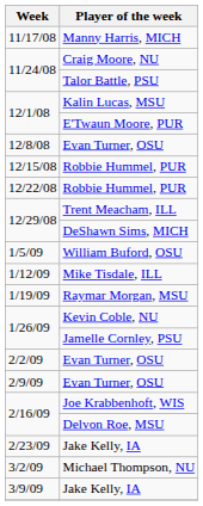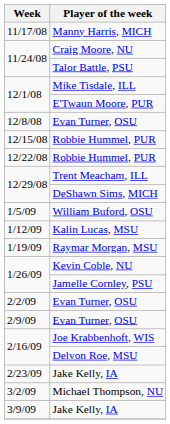 <table class="wikitable" border="1">
 <tr>
 <th>Week</th>
 <th>Player of the week</th>
 </tr>
 <tr>
 <td>11/17/08</td>
 <td><a href='#'>Manny Harris</a>, <a href='#'>MICH</a></td>
 </tr>
 <tr>
 <td rowspan=2 valign=middle>11/24/08</td>
 <td><a href='#'>Craig Moore</a>, <a href='#'>NU</a></td>
 </tr>
 <tr>
 <td><a href='#'>Talor Battle</a>, <a href='#'>PSU</a></td>
 </tr>
 <tr>
 <td rowspan=2 valign=middle>12/1/08</td>
-<td><a href='#'>Kalin Lucas</a>, <a href='#'>MSU</a></td>
+<td><a href='#'>Mike Tisdale</a>, <a href='#'>ILL</a></td>
 </tr>
 <tr>
 <td><a href='#'>E'Twaun Moore</a>, <a href='#'>PUR</a></td>
 </tr>
 <tr>
 <td>12/8/08</td>
 <td><a href='#'>Evan Turner</a>, <a href='#'>OSU</a></td>
 </tr>
 <tr>
 <td>12/15/08</td>
 <td><a href='#'>Robbie Hummel</a>, <a href='#'>PUR</a></td>
 </tr>
 <tr>
 <td>12/22/08</td>
 <td><a href='#'>Robbie Hummel</a>, <a href='#'>PUR</a></td>
 </tr>
 <tr>
 <td rowspan=2 valign=middle>12/29/08</td>
 <td><a href='#'>Trent Meacham</a>, <a href='#'>ILL</a></td>
 </tr>
 <tr>
 <td><a href='#'>DeShawn Sims</a>, <a href='#'>MICH</a></td>
 </tr>
 <tr>
 <td>1/5/09</td>
 <td><a href='#'>William Buford</a>, <a href='#'>OSU</a></td>
 </tr>
 <tr>
 <td>1/12/09</td>
-<td><a href='#'>Mike Tisdale</a>, <a href='#'>ILL</a></td>
+<td><a href='#'>Kalin Lucas</a>, <a href='#'>MSU</a></td>
 </tr>
 <tr>
 <td>1/19/09</td>
 <td><a href='#'>Raymar Morgan</a>, <a href='#'>MSU</a></td>
 </tr>
 <tr>
 <td rowspan=2 valign=middle>1/26/09</td>
 <td><a href='#'>Kevin Coble</a>, <a href='#'>NU</a></td>
 </tr>
 <tr>
 <td><a href='#'>Jamelle Cornley</a>, <a href='#'>PSU</a></td>
 </tr>
 <tr>
 <td>2/2/09</td>
 <td><a href='#'>Evan Turner</a>, <a href='#'>OSU</a></td>
 </tr>
 <tr>
 <td>2/9/09</td>
 <td><a href='#'>Evan Turner</a>, <a href='#'>OSU</a></td>
 </tr>
 <tr>
 <td rowspan=2 valign=middle>2/16/09</td>
 <td><a href='#'>Joe Krabbenhoft</a>, <a href='#'>WIS</a></td>
 </tr>
 <tr>
 <td><a href='#'>Delvon Roe</a>, <a href='#'>MSU</a></td>
 </tr>
 <tr>
 <td>2/23/09</td>
 <td>Jake Kelly, <a href='#'>IA</a></td>
 </tr>
 <tr>
 <td>3/2/09</td>
 <td>Michael Thompson, <a href='#'>NU</a></td>
 </tr>
 <tr>
 <td>3/9/09</td>
 <td>Jake Kelly, <a href='#'>IA</a></td>
 </tr>
 <tr>
 </tr>
 </table>
